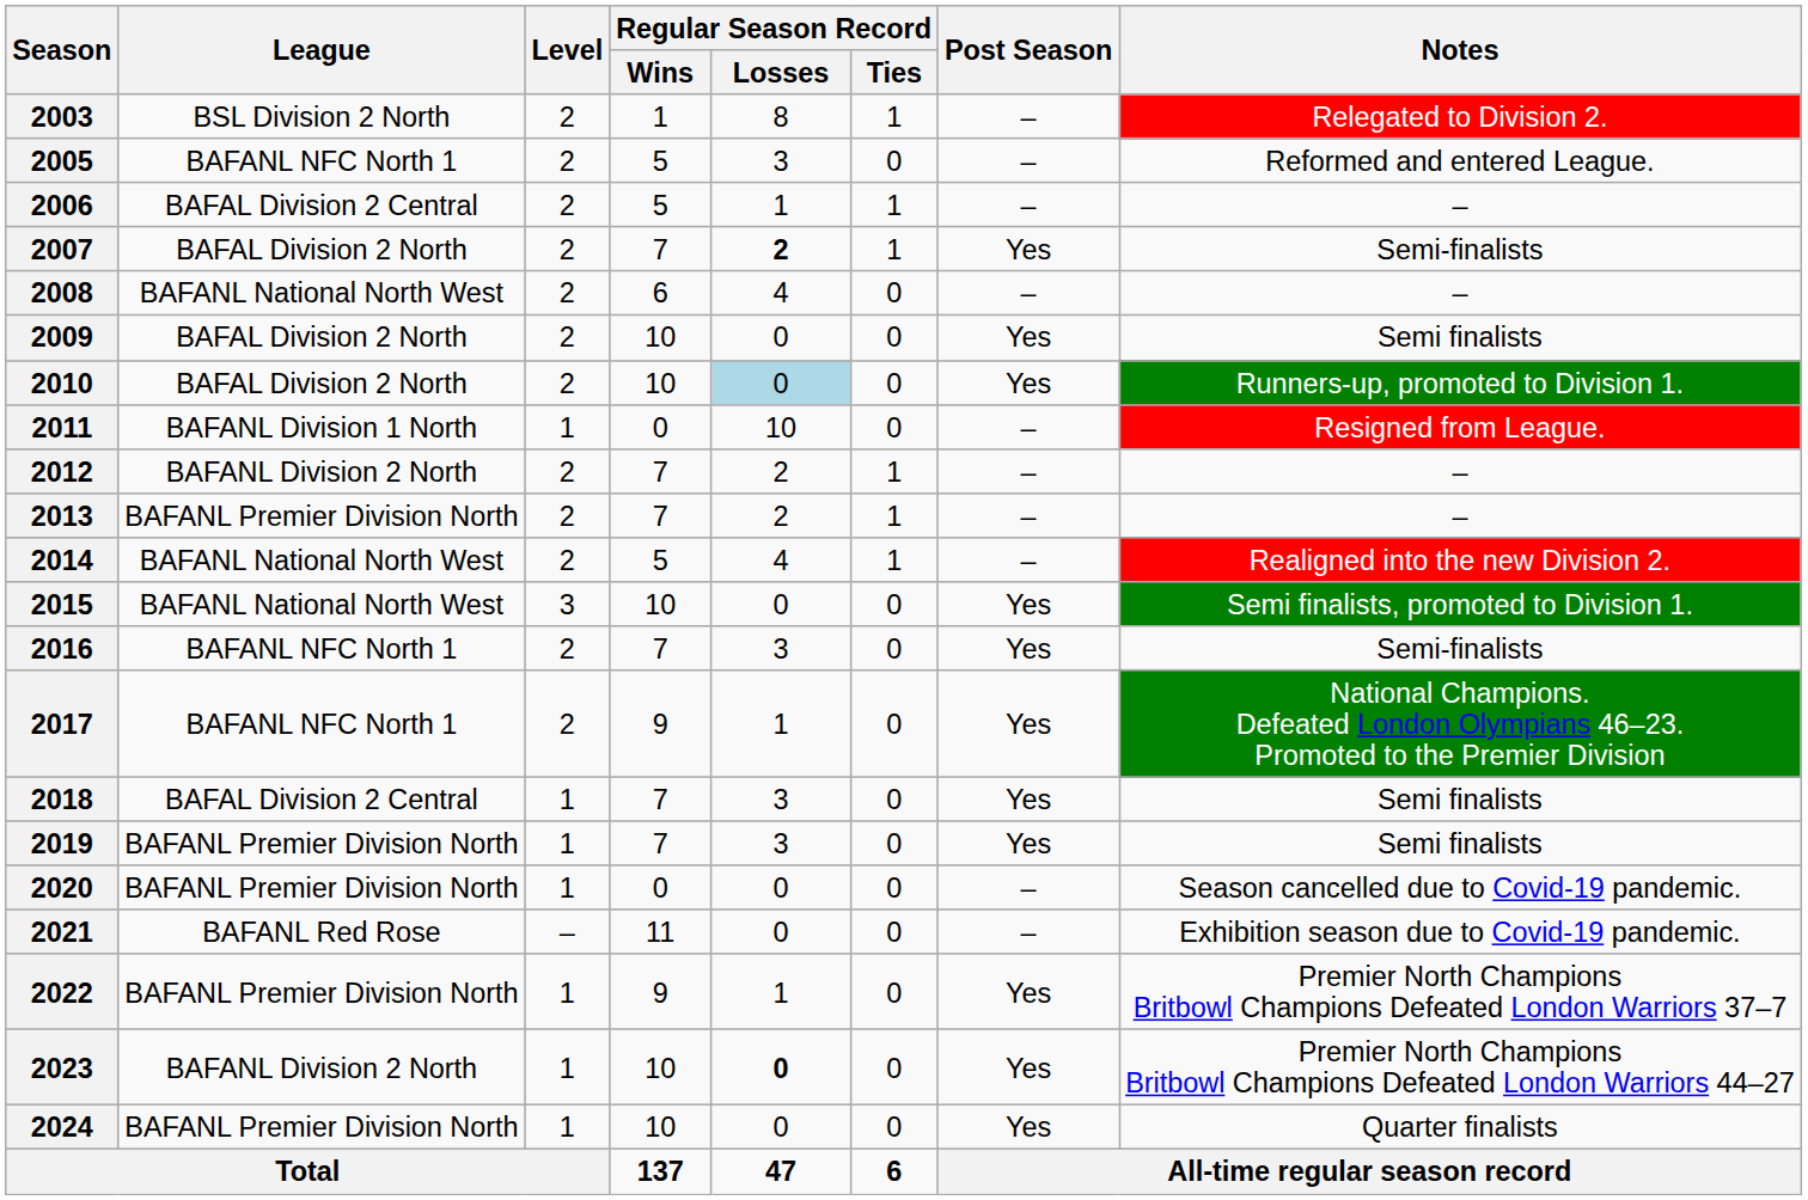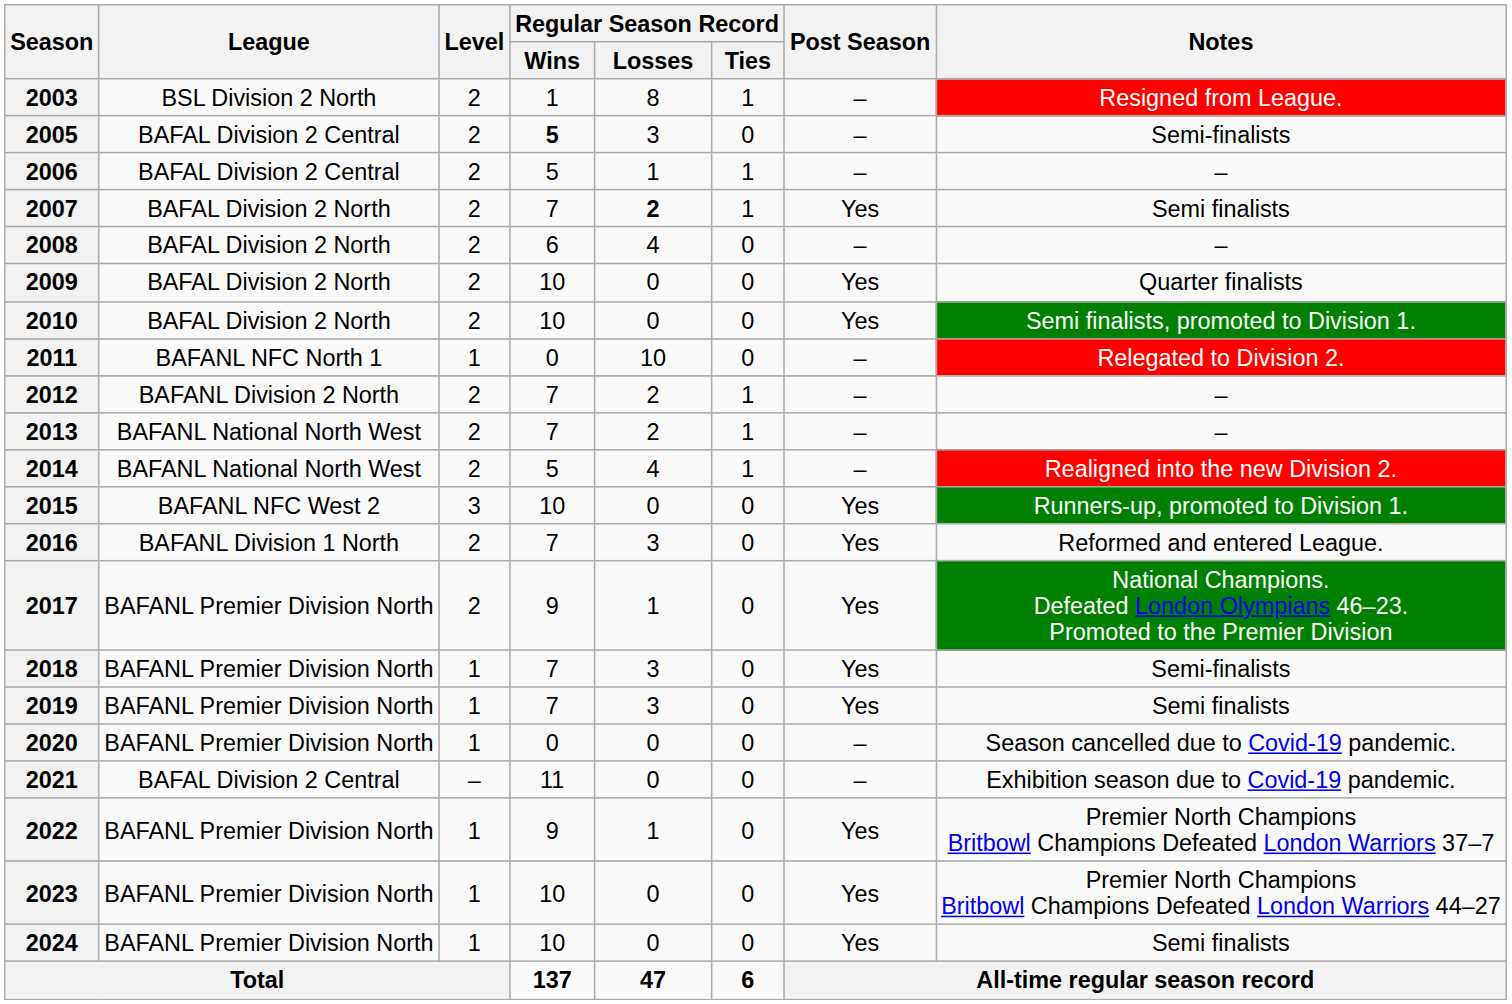 <table class="wikitable" style="text-align:center; font-size:95%">
 <tr>
 <th rowspan="2">Season</th>
 <th rowspan="2">League</th>
 <th rowspan="2">Level</th>
 <th colspan="3">Regular Season Record</th>
 <th rowspan="2">Post Season</th>
 <th rowspan="2">Notes</th>
 </tr>
 <tr>
 <th>Wins</th>
 <th>Losses</th>
 <th>Ties</th>
 </tr>
 <tr>
 <th align="center">2003</th>
 <td align="center">BSL Division 2 North</td>
 <td align="center">2</td>
 <td align="center">1</td>
 <td align="center">8</td>
 <td align="center">1</td>
 <td align="center">–</td>
-<td style="background: red; color: white;">Relegated to Division 2.</td>
+<td style="background: red; color: white;">Resigned from League.</td>
 </tr>
 <tr>
 <th align="center">2005</th>
-<td align="center">BAFANL NFC North 1</td>
+<td align="center">BAFAL Division 2 Central</td>
 <td align="center">2</td>
-<td align="center">5</td>
+<td align="center"><strong>5</strong></td>
 <td align="center">3</td>
 <td align="center">0</td>
 <td align="center">–</td>
-<td align="center">Reformed and entered League.</td>
+<td align="center">Semi-finalists</td>
 </tr>
 <tr>
 <th align="center">2006</th>
 <td align="center">BAFAL Division 2 Central</td>
 <td align="center">2</td>
 <td align="center">5</td>
 <td align="center">1</td>
 <td align="center">1</td>
 <td align="center">–</td>
 <td align="center">–</td>
 </tr>
 <tr>
 <th align="center">2007</th>
 <td align="center">BAFAL Division 2 North</td>
 <td align="center">2</td>
 <td align="center">7</td>
 <td align="center"><strong>2</strong></td>
 <td align="center">1</td>
 <td align="center">Yes</td>
-<td align="center">Semi-finalists</td>
+<td align="center">Semi finalists</td>
 </tr>
 <tr>
 <th align="center">2008</th>
-<td align="center">BAFANL National North West</td>
+<td align="center">BAFAL Division 2 North</td>
 <td align="center">2</td>
 <td align="center">6</td>
 <td align="center">4</td>
 <td align="center">0</td>
 <td align="center">–</td>
 <td align="center">–</td>
 </tr>
 <tr>
 <th align="center">2009</th>
 <td align="center">BAFAL Division 2 North</td>
 <td align="center">2</td>
 <td align="center">10</td>
 <td align="center">0</td>
 <td align="center">0</td>
 <td align="center">Yes</td>
-<td>Semi finalists</td>
+<td align="center">Quarter finalists</td>
 </tr>
 <tr>
 <th align="center">2010</th>
 <td align="center">BAFAL Division 2 North</td>
 <td align="center">2</td>
 <td align="center">10</td>
-<td align="center" style="background: lightblue;">0</td>
+<td align="center">0</td>
 <td align="center">0</td>
 <td align="center">Yes</td>
-<td style="background: green; color: white;">Runners-up, promoted to Division 1.</td>
+<td style="background: green; color: white;">Semi finalists, promoted to Division 1.</td>
 </tr>
 <tr>
 <th align="center">2011</th>
-<td align="center">BAFANL Division 1 North</td>
+<td align="center">BAFANL NFC North 1</td>
 <td align="center">1</td>
 <td align="center">0</td>
 <td align="center">10</td>
 <td align="center">0</td>
 <td align="center">–</td>
-<td style="background: red; color: white;">Resigned from League.</td>
+<td style="background: red; color: white;">Relegated to Division 2.</td>
 </tr>
 <tr>
 <th align="center">2012</th>
 <td align="center">BAFANL Division 2 North</td>
 <td align="center">2</td>
 <td align="center">7</td>
 <td align="center">2</td>
 <td align="center">1</td>
 <td align="center">–</td>
 <td align="center">–</td>
 </tr>
 <tr>
 <th align="center">2013</th>
-<td>BAFANL Premier Division North</td>
+<td align="center">BAFANL National North West</td>
 <td align="center">2</td>
 <td align="center">7</td>
 <td align="center">2</td>
 <td align="center">1</td>
 <td align="center">–</td>
 <td align="center">–</td>
 </tr>
 <tr>
 <th align="center">2014</th>
 <td align="center">BAFANL National North West</td>
 <td align="center">2</td>
 <td align="center">5</td>
 <td align="center">4</td>
 <td align="center">1</td>
 <td align="center">–</td>
 <td style="background: red; color: white;">Realigned into the new Division 2.</td>
 </tr>
 <tr>
 <th align="center">2015</th>
-<td align="center">BAFANL National North West</td>
+<td align="center">BAFANL NFC West 2</td>
 <td align="center">3</td>
 <td align="center">10</td>
 <td align="center">0</td>
 <td align="center">0</td>
 <td align="center">Yes</td>
-<td style="background: green; color: white;">Semi finalists, promoted to Division 1.</td>
+<td style="background: green; color: white;">Runners-up, promoted to Division 1.</td>
 </tr>
 <tr>
 <th align="center">2016</th>
-<td align="center">BAFANL NFC North 1</td>
+<td align="center">BAFANL Division 1 North</td>
 <td align="center">2</td>
 <td align="center">7</td>
 <td align="center">3</td>
 <td align="center">0</td>
 <td align="center">Yes</td>
-<td align="center">Semi-finalists</td>
+<td align="center">Reformed and entered League.</td>
 </tr>
 <tr>
 <th align="center">2017</th>
-<td align="center">BAFANL NFC North 1</td>
+<td>BAFANL Premier Division North</td>
 <td align="center">2</td>
 <td align="center">9</td>
 <td align="center">1</td>
 <td align="center">0</td>
 <td align="center">Yes</td>
 <td style="background: green; color: white;">National Champions.<br>Defeated <a href='#'>London Olympians</a> 46–23.<br>Promoted to the Premier Division</td>
 </tr>
 <tr>
 <th align="center">2018</th>
-<td align="center">BAFAL Division 2 Central</td>
+<td align="center">BAFANL Premier Division North</td>
 <td align="center">1</td>
 <td align="center">7</td>
 <td align="center">3</td>
 <td align="center">0</td>
 <td align="center">Yes</td>
-<td align="center">Semi finalists</td>
+<td align="center">Semi-finalists</td>
 </tr>
 <tr>
 <th align="center">2019</th>
 <td align="center">BAFANL Premier Division North</td>
 <td align="center">1</td>
 <td align="center">7</td>
 <td align="center">3</td>
 <td align="center">0</td>
 <td align="center">Yes</td>
 <td align="center">Semi finalists</td>
 </tr>
 <tr>
 <th align="center">2020</th>
 <td align="center">BAFANL Premier Division North</td>
 <td align="center">1</td>
 <td align="center">0</td>
 <td align="center">0</td>
 <td align="center">0</td>
 <td align="center">–</td>
 <td align="center">Season cancelled due to <a href='#'>Covid-19</a> pandemic.</td>
 </tr>
 <tr>
 <th align="center">2021</th>
-<td align="center">BAFANL Red Rose</td>
+<td align="center">BAFAL Division 2 Central</td>
 <td align="center">–</td>
 <td align="center">11</td>
 <td align="center">0</td>
 <td align="center">0</td>
 <td align="center">–</td>
 <td align="center">Exhibition season due to <a href='#'>Covid-19</a> pandemic.</td>
 </tr>
 <tr>
 <th align="center">2022</th>
 <td align="center">BAFANL Premier Division North</td>
 <td align="center">1</td>
 <td align="center">9</td>
 <td align="center">1</td>
 <td align="center">0</td>
 <td align="center">Yes</td>
 <td align="center">Premier North Champions<br><a href='#'>Britbowl</a> Champions Defeated <a href='#'>London Warriors</a> 37–7</td>
 </tr>
 <tr>
 <th align="center">2023</th>
-<td align="center">BAFANL Division 2 North</td>
+<td align="center">BAFANL Premier Division North</td>
 <td align="center">1</td>
 <td align="center">10</td>
-<td align="center"><strong>0</strong></td>
+<td align="center">0</td>
 <td align="center">0</td>
 <td align="center">Yes</td>
 <td align="center">Premier North Champions<br><a href='#'>Britbowl</a> Champions Defeated <a href='#'>London Warriors</a> 44–27</td>
 </tr>
 <tr>
 <th>2024</th>
 <td>BAFANL Premier Division North</td>
 <td>1</td>
 <td>10</td>
 <td>0</td>
 <td>0</td>
 <td>Yes</td>
-<td align="center">Quarter finalists</td>
+<td>Semi finalists</td>
 </tr>
 <tr>
 <th colspan="3" rowspan="4" align="center">Total</th>
 <td align="center"><strong>137</strong></td>
 <td align="center"><strong>47</strong></td>
 <td align="center"><strong>6</strong></td>
 <th colspan="3" align="center">All-time regular season record</th>
 </tr>
 </table>
